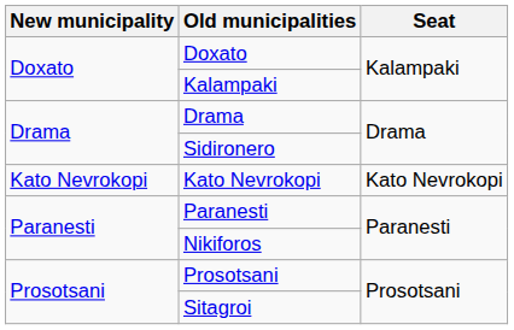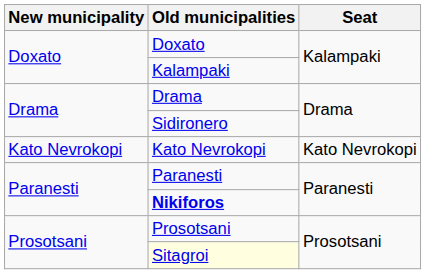 <table class="wikitable">
 <tr>
 <th>New municipality</th>
 <th>Old municipalities</th>
 <th>Seat</th>
 </tr>
 <tr>
 <td rowspan=2><a href='#'>Doxato</a></td>
 <td><a href='#'>Doxato</a></td>
 <td rowspan=2>Kalampaki</td>
 </tr>
 <tr>
 <td><a href='#'>Kalampaki</a></td>
 </tr>
 <tr>
 <td rowspan=2><a href='#'>Drama</a></td>
 <td><a href='#'>Drama</a></td>
 <td rowspan=2>Drama</td>
 </tr>
 <tr>
 <td><a href='#'>Sidironero</a></td>
 </tr>
 <tr>
 <td><a href='#'>Kato Nevrokopi</a></td>
 <td><a href='#'>Kato Nevrokopi</a></td>
 <td>Kato Nevrokopi</td>
 </tr>
 <tr>
 <td rowspan=2><a href='#'>Paranesti</a></td>
 <td><a href='#'>Paranesti</a></td>
 <td rowspan=2>Paranesti</td>
 </tr>
 <tr>
-<td><a href='#'>Nikiforos</a></td>
+<td><strong><a href='#'>Nikiforos</a></strong></td>
 </tr>
 <tr>
 <td rowspan=2><a href='#'>Prosotsani</a></td>
 <td><a href='#'>Prosotsani</a></td>
 <td rowspan=2>Prosotsani</td>
 </tr>
 <tr>
-<td><a href='#'>Sitagroi</a></td>
+<td style="background: lightyellow;"><a href='#'>Sitagroi</a></td>
 </tr>
 </table>
